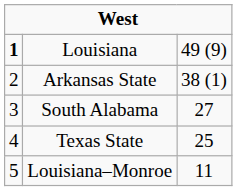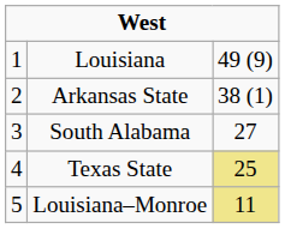 <table class="wikitable" style="display: inline-table">
 <tr align="center">
 <td align="center" Colspan="3"><strong>West</strong><br></td>
 </tr>
 <tr align="center">
-<td><strong>1</strong></td>
+<td>1</td>
 <td>Louisiana</td>
 <td>49 (9)</td>
 </tr>
 <tr align="center">
 <td>2</td>
 <td>Arkansas State</td>
 <td>38 (1)</td>
 </tr>
 <tr align="center">
 <td>3</td>
 <td>South Alabama</td>
 <td>27</td>
 </tr>
 <tr align="center">
 <td>4</td>
 <td>Texas State</td>
-<td>25</td>
+<td style="background: khaki;">25</td>
 </tr>
 <tr align="center">
 <td>5</td>
 <td>Louisiana–Monroe</td>
-<td>11</td>
+<td style="background: khaki;">11</td>
 </tr>
 </table>
